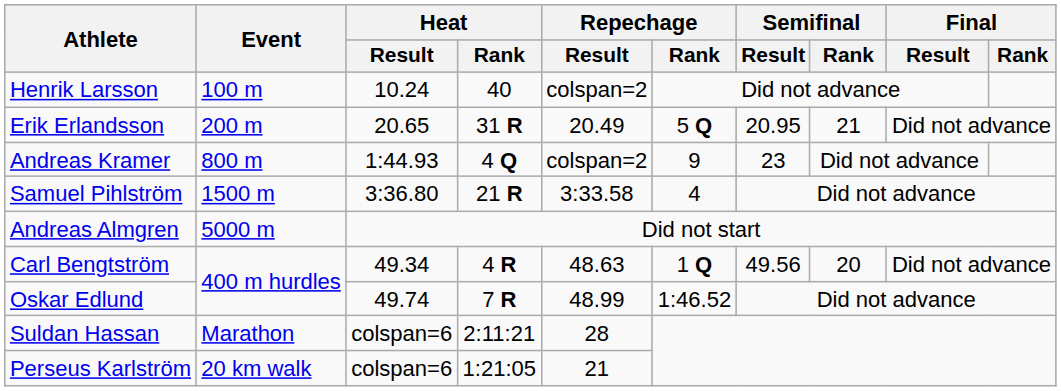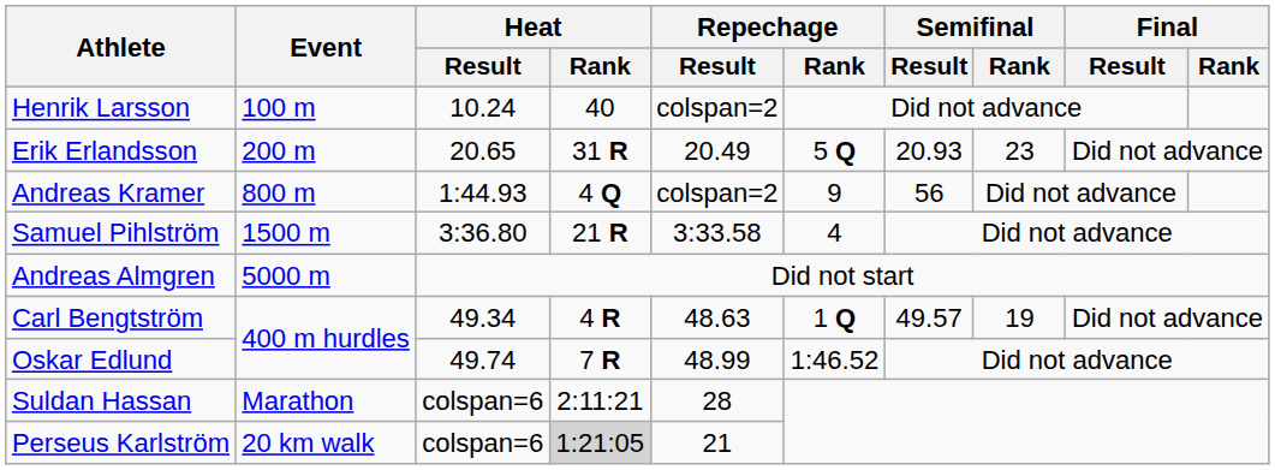 <table class="wikitable" style="font-size:90%">
 <tr>
 <th rowspan="2">Athlete</th>
 <th rowspan="2">Event</th>
 <th colspan="2">Heat</th>
 <th colspan="2">Repechage</th>
 <th colspan="2">Semifinal</th>
 <th colspan="2">Final</th>
 </tr>
 <tr style="font-size:95%">
 <th>Result</th>
 <th>Rank</th>
 <th>Result</th>
 <th>Rank</th>
 <th>Result</th>
 <th>Rank</th>
 <th>Result</th>
 <th>Rank</th>
 </tr>
 <tr align=center>
 <td align=left><a href='#'>Henrik Larsson</a></td>
 <td align=left><a href='#'>100 m</a></td>
 <td>10.24</td>
 <td>40</td>
 <td>colspan=2 </td>
 <td colspan=4>Did not advance</td>
 </tr>
 <tr align=center>
 <td align=left><a href='#'>Erik Erlandsson</a></td>
 <td align=left><a href='#'>200 m</a></td>
 <td>20.65</td>
 <td>31 <strong>R</strong></td>
 <td>20.49</td>
 <td>5 <strong>Q</strong></td>
-<td>20.95</td>
-<td>21</td>
+<td>20.93</td>
+<td>23</td>
 <td colspan=2>Did not advance</td>
 </tr>
 <tr align=center>
 <td align=left><a href='#'>Andreas Kramer</a></td>
 <td align=left><a href='#'>800 m</a></td>
 <td>1:44.93</td>
 <td>4 <strong>Q</strong></td>
 <td>colspan=2 </td>
 <td>9</td>
-<td>23</td>
+<td>56</td>
 <td colspan=2>Did not advance</td>
 </tr>
 <tr align=center>
 <td align=left><a href='#'>Samuel Pihlström</a></td>
 <td align=left><a href='#'>1500 m</a></td>
 <td>3:36.80</td>
 <td>21 <strong>R</strong></td>
 <td>3:33.58</td>
 <td>4</td>
 <td colspan=4>Did not advance</td>
 </tr>
 <tr align=center>
 <td align=left><a href='#'>Andreas Almgren</a></td>
 <td align=left><a href='#'>5000 m</a></td>
 <td colspan=8>Did not start</td>
 </tr>
 <tr align=center>
 <td align=left><a href='#'>Carl Bengtström</a></td>
 <td rowspan="2" align="left"><a href='#'>400 m hurdles</a></td>
 <td>49.34</td>
 <td>4 <strong>R</strong></td>
 <td>48.63</td>
 <td>1 <strong>Q</strong></td>
-<td>49.56</td>
-<td>20</td>
+<td>49.57</td>
+<td>19</td>
 <td colspan=2>Did not advance</td>
 </tr>
 <tr align=center>
 <td align=left><a href='#'>Oskar Edlund</a></td>
 <td>49.74</td>
 <td>7 <strong>R</strong></td>
 <td>48.99</td>
 <td>1:46.52</td>
 <td colspan=4>Did not advance</td>
 </tr>
 <tr align=center>
 <td align=left><a href='#'>Suldan Hassan</a></td>
 <td align=left><a href='#'>Marathon</a></td>
 <td>colspan=6 </td>
 <td>2:11:21</td>
 <td>28</td>
 </tr>
 <tr align=center>
 <td align=left><a href='#'>Perseus Karlström</a></td>
 <td align=left><a href='#'>20 km walk</a></td>
 <td>colspan=6 </td>
-<td>1:21:05</td>
+<td style="background: lightgrey;">1:21:05</td>
 <td>21</td>
 </tr>
 </table>
